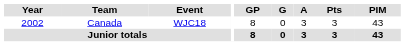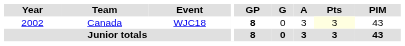 <table border="0" cellpadding="1" cellspacing="0" ID="Table3" style="text-align:center; width:40em">
 <tr ALIGN="center" bgcolor="#e0e0e0">
 <th>Year</th>
 <th>Team</th>
 <th>Event</th>
 <th rowspan="99" bgcolor="#ffffff"></th>
 <th>GP</th>
 <th>G</th>
 <th>A</th>
 <th>Pts</th>
 <th>PIM</th>
 </tr>
 <tr>
 <td><a href='#'>2002</a></td>
 <td><a href='#'>Canada</a></td>
 <td><a href='#'>WJC18</a></td>
-<td>8</td>
+<td><strong>8</strong></td>
 <td>0</td>
 <td>3</td>
-<td>3</td>
+<td style="background: lightyellow;">3</td>
 <td>43</td>
 </tr>
 <tr bgcolor="#e0e0e0">
 <th colspan="3">Junior totals</th>
 <th>8</th>
 <th>0</th>
 <th>3</th>
 <th>3</th>
 <th>43</th>
 </tr>
 </table>
